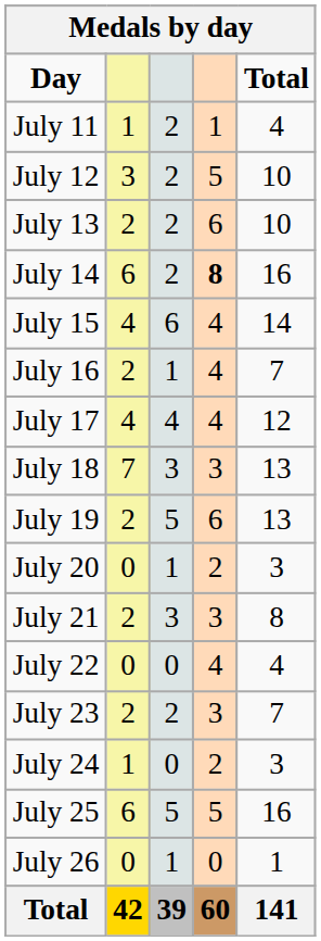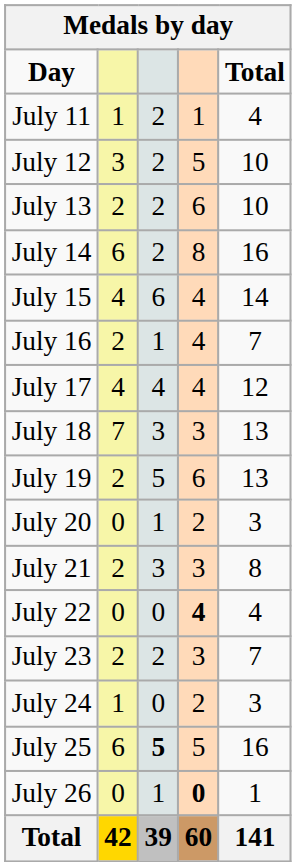 <table class="wikitable" style="font-size:85%; float:right">
 <tr align=center>
 <th colspan=7><strong>Medals by day</strong></th>
 </tr>
 <tr align=center>
 <td><strong>Day</strong></td>
 <td style="background:#f7f6a8;"></td>
 <td style="background:#dce5e5;"></td>
 <td style="background:#ffdab9;"></td>
 <td><strong>Total</strong></td>
 </tr>
 <tr align=center>
 <td>July 11</td>
 <td style="background:#f7f6a8;">1</td>
 <td style="background:#dce5e5;">2</td>
 <td style="background:#ffdab9;">1</td>
 <td>4</td>
 </tr>
 <tr align=center>
 <td>July 12</td>
 <td style="background:#f7f6a8;">3</td>
 <td style="background:#dce5e5;">2</td>
 <td style="background:#ffdab9;">5</td>
 <td>10</td>
 </tr>
 <tr align=center>
 <td>July 13</td>
 <td style="background:#f7f6a8;">2</td>
 <td style="background:#dce5e5;">2</td>
 <td style="background:#ffdab9;">6</td>
 <td>10</td>
 </tr>
 <tr align=center>
 <td>July 14</td>
 <td style="background:#f7f6a8;">6</td>
 <td style="background:#dce5e5;">2</td>
-<td style="background:#ffdab9;"><strong>8</strong></td>
+<td style="background:#ffdab9;">8</td>
 <td>16</td>
 </tr>
 <tr align=center>
 <td>July 15</td>
 <td style="background:#f7f6a8;">4</td>
 <td style="background:#dce5e5;">6</td>
 <td style="background:#ffdab9;">4</td>
 <td>14</td>
 </tr>
 <tr align=center>
 <td>July 16</td>
 <td style="background:#f7f6a8;">2</td>
 <td style="background:#dce5e5;">1</td>
 <td style="background:#ffdab9;">4</td>
 <td>7</td>
 </tr>
 <tr align=center>
 <td>July 17</td>
 <td style="background:#f7f6a8;">4</td>
 <td style="background:#dce5e5;">4</td>
 <td style="background:#ffdab9;">4</td>
 <td>12</td>
 </tr>
 <tr align=center>
 <td>July 18</td>
 <td style="background:#f7f6a8;">7</td>
 <td style="background:#dce5e5;">3</td>
 <td style="background:#ffdab9;">3</td>
 <td>13</td>
 </tr>
 <tr align=center>
 <td>July 19</td>
 <td style="background:#f7f6a8;">2</td>
 <td style="background:#dce5e5;">5</td>
 <td style="background:#ffdab9;">6</td>
 <td>13</td>
 </tr>
 <tr align=center>
 <td>July 20</td>
 <td style="background:#f7f6a8;">0</td>
 <td style="background:#dce5e5;">1</td>
 <td style="background:#ffdab9;">2</td>
 <td>3</td>
 </tr>
 <tr align=center>
 <td>July 21</td>
 <td style="background:#f7f6a8;">2</td>
 <td style="background:#dce5e5;">3</td>
 <td style="background:#ffdab9;">3</td>
 <td>8</td>
 </tr>
 <tr align=center>
 <td>July 22</td>
 <td style="background:#f7f6a8;">0</td>
 <td style="background:#dce5e5;">0</td>
-<td style="background:#ffdab9;">4</td>
+<td style="background:#ffdab9;"><strong>4</strong></td>
 <td>4</td>
 </tr>
 <tr align=center>
 <td>July 23</td>
 <td style="background:#f7f6a8;">2</td>
 <td style="background:#dce5e5;">2</td>
 <td style="background:#ffdab9;">3</td>
 <td>7</td>
 </tr>
 <tr align=center>
 <td>July 24</td>
 <td style="background:#f7f6a8;">1</td>
 <td style="background:#dce5e5;">0</td>
 <td style="background:#ffdab9;">2</td>
 <td>3</td>
 </tr>
 <tr align=center>
 <td>July 25</td>
 <td style="background:#f7f6a8;">6</td>
-<td style="background:#dce5e5;">5</td>
+<td style="background:#dce5e5;"><strong>5</strong></td>
 <td style="background:#ffdab9;">5</td>
 <td>16</td>
 </tr>
 <tr align=center>
 <td>July 26</td>
 <td style="background:#f7f6a8;">0</td>
 <td style="background:#dce5e5;">1</td>
-<td style="background:#ffdab9;">0</td>
+<td style="background:#ffdab9;"><strong>0</strong></td>
 <td>1</td>
 </tr>
 <tr align=center>
 <th><strong>Total</strong></th>
 <th style="background:gold;"><strong>42</strong></th>
 <th style="background:silver;"><strong>39</strong></th>
 <th style="background:#c96;"><strong>60</strong></th>
 <th><strong>141</strong></th>
 </tr>
 </table>
